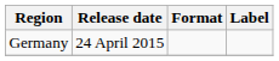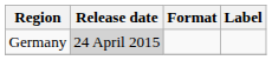 <table class="wikitable">
 <tr>
 <th>Region</th>
 <th>Release date</th>
 <th>Format</th>
 <th>Label</th>
 </tr>
 <tr>
 <td>Germany</td>
-<td>24 April 2015</td>
+<td style="background: lightgrey;">24 April 2015</td>
 <td></td>
 <td></td>
 </tr>
 <tr>
 </tr>
 </table>
